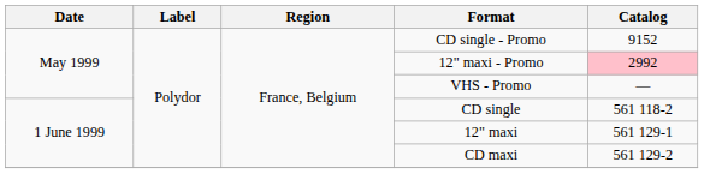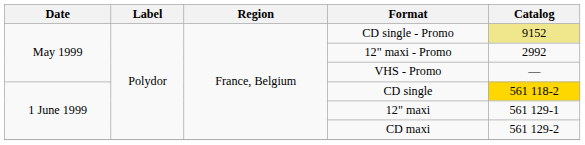 <table class="wikitable" width="60%" border="1">
 <tr>
 <th>Date</th>
 <th>Label</th>
 <th>Region</th>
 <th>Format</th>
 <th>Catalog</th>
 </tr>
 <tr>
 <td rowspan=3 align=center>May 1999</td>
 <td rowspan=6 align=center>Polydor</td>
 <td rowspan=6 align=center>France, Belgium</td>
 <td align=center>CD single - Promo</td>
-<td align=center>9152</td>
+<td align=center style="background: khaki;">9152</td>
 </tr>
 <tr>
 <td align=center>12" maxi - Promo</td>
-<td align=center style="background: pink;">2992</td>
+<td align=center>2992</td>
 </tr>
 <tr>
 <td align=center>VHS - Promo</td>
 <td align=center>—</td>
 </tr>
 <tr>
 <td rowspan=3 align=center>1 June 1999</td>
 <td align=center>CD single</td>
-<td align=center>561 118-2</td>
+<td align=center style="background: gold;">561 118-2</td>
 </tr>
 <tr>
 <td align=center>12" maxi</td>
 <td align=center>561 129-1</td>
 </tr>
 <tr>
 <td align=center>CD maxi</td>
 <td align=center>561 129-2</td>
 </tr>
 <tr>
 </tr>
 </table>
